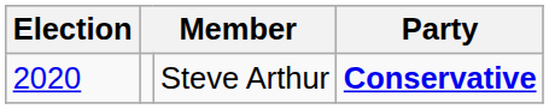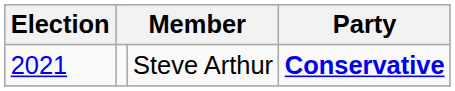 <table class="wikitable">
 <tr>
 <th>Election</th>
 <th colspan="2">Member</th>
 <th>Party</th>
 </tr>
 <tr>
-<td><a href='#'>2020</a></td>
+<td><a href='#'>2021</a></td>
 <td rowspan="1" style="background-color: "></td>
 <td rowspan="1">Steve Arthur</td>
 <td rowspan="1"><strong><a href='#'>Conservative</a></strong></td>
 </tr>
 </table>
